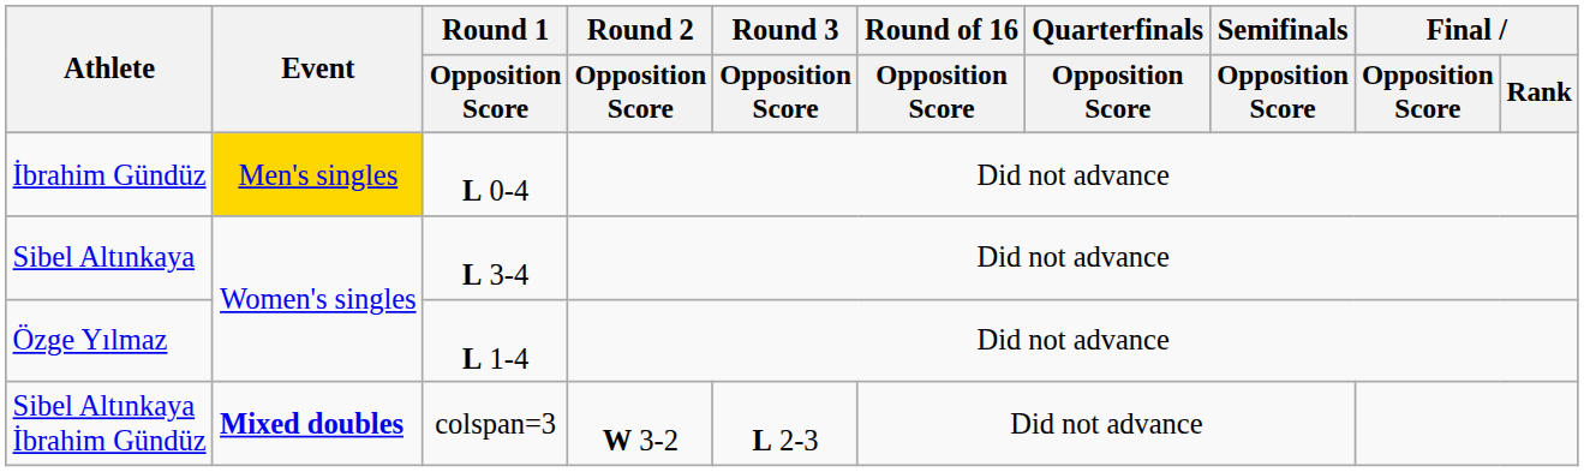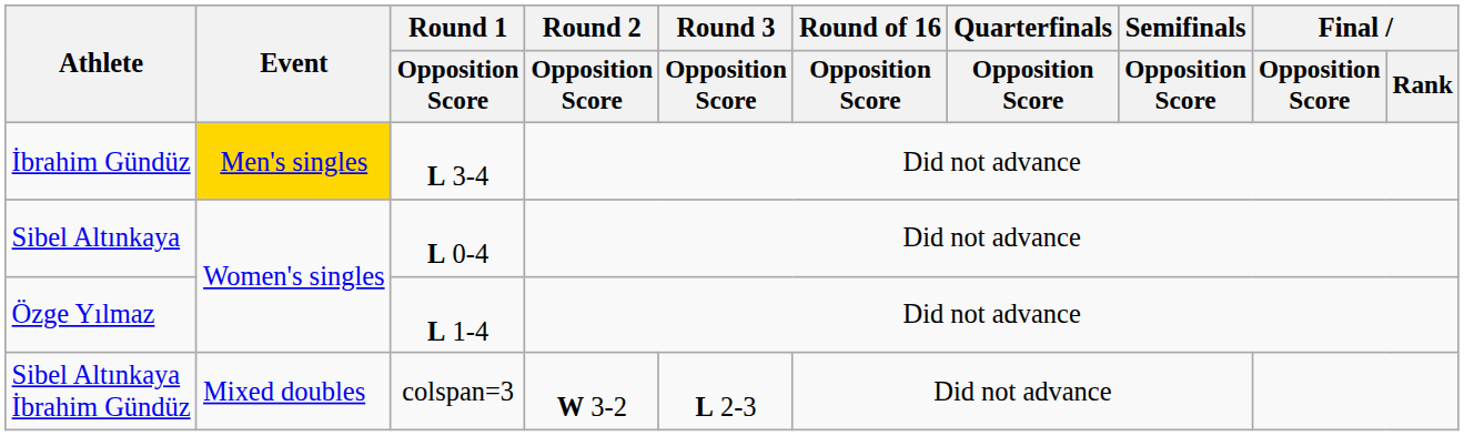 <table class=wikitable style="font-size:90%">
 <tr>
 <th rowspan="2">Athlete</th>
 <th rowspan="2">Event</th>
 <th>Round 1</th>
 <th>Round 2</th>
 <th>Round 3</th>
 <th>Round of 16</th>
 <th>Quarterfinals</th>
 <th>Semifinals</th>
 <th colspan=2>Final / </th>
 </tr>
 <tr style="font-size:95%">
 <th>Opposition<br>Score</th>
 <th>Opposition<br>Score</th>
 <th>Opposition<br>Score</th>
 <th>Opposition<br>Score</th>
 <th>Opposition<br>Score</th>
 <th>Opposition<br>Score</th>
 <th>Opposition<br>Score</th>
 <th>Rank</th>
 </tr>
 <tr align=center>
 <td><a href='#'>İbrahim Gündüz</a></td>
 <td style="background: gold;"><a href='#'>Men's singles</a></td>
-<td><br><strong>L</strong> 0-4</td>
+<td><br><strong>L</strong> 3-4</td>
 <td colspan="7">Did not advance</td>
 </tr>
 <tr align=center>
 <td align=left><a href='#'>Sibel Altınkaya</a></td>
 <td align=left rowspan=2><a href='#'>Women's singles</a></td>
-<td><br><strong>L</strong> 3-4</td>
+<td><br><strong>L</strong> 0-4</td>
 <td colspan="7">Did not advance</td>
 </tr>
 <tr align=center>
 <td align=left><a href='#'>Özge Yılmaz</a></td>
 <td><br><strong>L</strong> 1-4</td>
 <td colspan="7">Did not advance</td>
 </tr>
 <tr align=center>
 <td align=left><a href='#'>Sibel Altınkaya</a><br><a href='#'>İbrahim Gündüz</a></td>
-<td align=left><strong><a href='#'>Mixed doubles</a></strong></td>
+<td align=left><a href='#'>Mixed doubles</a></td>
 <td>colspan=3 </td>
 <td><br><strong>W</strong> 3-2</td>
 <td><br><strong>L</strong> 2-3</td>
 <td colspan="3">Did not advance</td>
 </tr>
 </table>
